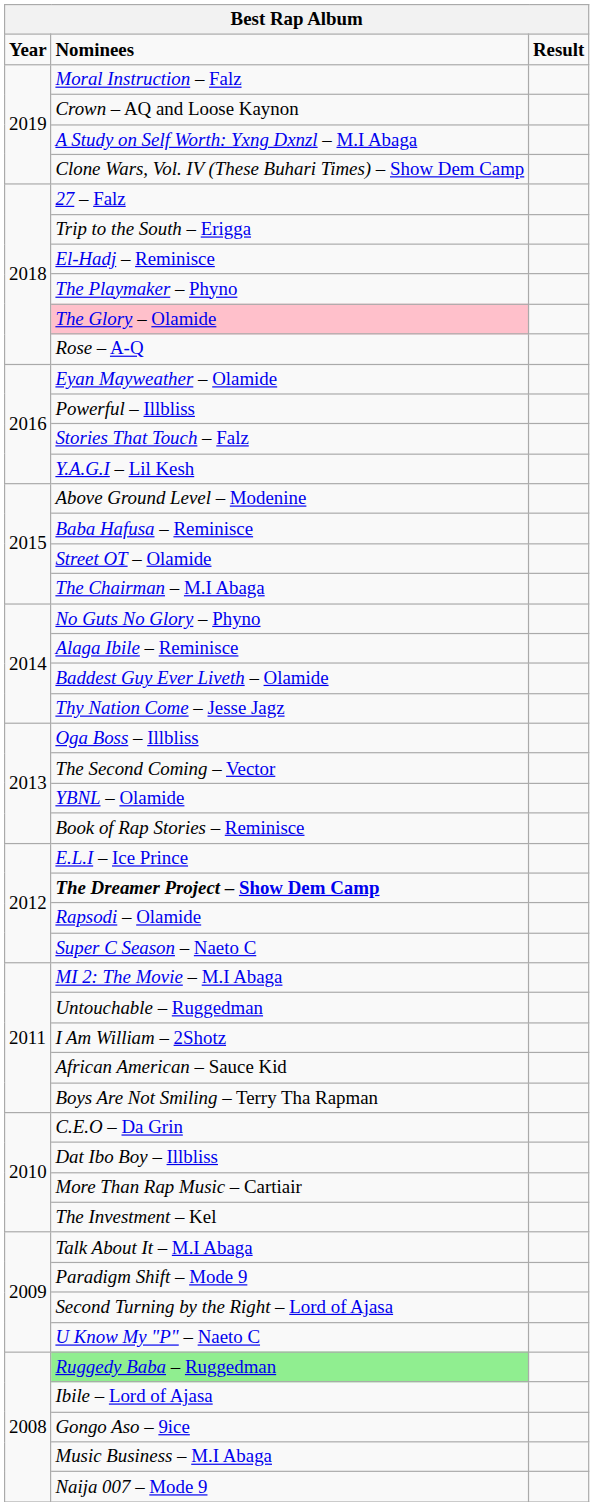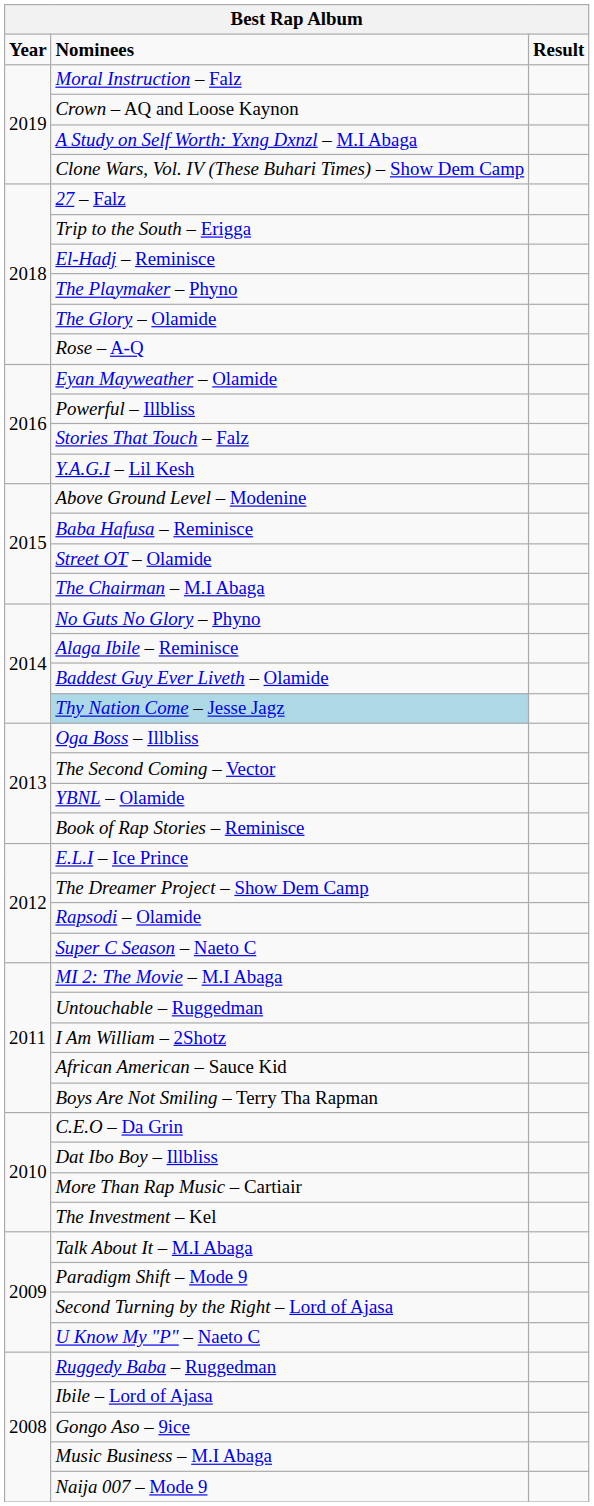 <table class="wikitable">
 <tr>
 <th colspan="3">Best Rap Album</th>
 </tr>
 <tr>
 <td><strong>Year</strong></td>
 <td><strong>Nominees</strong></td>
 <td><strong>Result</strong></td>
 </tr>
 <tr>
 <td rowspan="4">2019</td>
 <td><em><a href='#'>Moral Instruction</a></em> – <a href='#'>Falz</a></td>
 <td></td>
 </tr>
 <tr>
 <td><em>Crown</em> – AQ and Loose Kaynon</td>
 <td></td>
 </tr>
 <tr>
 <td><em><a href='#'>A Study on Self Worth: Yxng Dxnzl</a></em> – <a href='#'>M.I Abaga</a></td>
 <td></td>
 </tr>
 <tr>
 <td><em>Clone Wars, Vol. IV (These Buhari Times)</em> – <a href='#'>Show Dem Camp</a></td>
 <td></td>
 </tr>
 <tr>
 <td rowspan="6">2018</td>
 <td><em><a href='#'>27</a></em> – <a href='#'>Falz</a></td>
 <td></td>
 </tr>
 <tr>
 <td><em>Trip to the South</em> – <a href='#'>Erigga</a></td>
 <td></td>
 </tr>
 <tr>
 <td><em><a href='#'>El-Hadj</a></em> – <a href='#'>Reminisce</a></td>
 <td></td>
 </tr>
 <tr>
 <td><em><a href='#'>The Playmaker</a></em> – <a href='#'>Phyno</a></td>
 <td></td>
 </tr>
 <tr>
-<td style="background: pink;"><em><a href='#'>The Glory</a></em> – <a href='#'>Olamide</a></td>
+<td><em><a href='#'>The Glory</a></em> – <a href='#'>Olamide</a></td>
 <td></td>
 </tr>
 <tr>
 <td><em>Rose</em> – <a href='#'>A-Q</a></td>
 <td></td>
 </tr>
 <tr>
 <td rowspan="4">2016</td>
 <td><em><a href='#'>Eyan Mayweather</a></em> – <a href='#'>Olamide</a></td>
 <td></td>
 </tr>
 <tr>
 <td><em>Powerful</em> – <a href='#'>Illbliss</a></td>
 <td></td>
 </tr>
 <tr>
 <td><em><a href='#'>Stories That Touch</a></em> – <a href='#'>Falz</a></td>
 <td></td>
 </tr>
 <tr>
 <td><em><a href='#'>Y.A.G.I</a></em> – <a href='#'>Lil Kesh</a></td>
 <td></td>
 </tr>
 <tr>
 <td rowspan="4">2015</td>
 <td><em>Above Ground Level</em> – <a href='#'>Modenine</a></td>
 <td></td>
 </tr>
 <tr>
 <td><em><a href='#'>Baba Hafusa</a></em> – <a href='#'>Reminisce</a></td>
 <td></td>
 </tr>
 <tr>
 <td><em><a href='#'>Street OT</a></em> – <a href='#'>Olamide</a></td>
 <td></td>
 </tr>
 <tr>
 <td><em><a href='#'>The Chairman</a></em> – <a href='#'>M.I Abaga</a></td>
 <td></td>
 </tr>
 <tr>
 <td rowspan="4">2014</td>
 <td><em><a href='#'>No Guts No Glory</a></em> – <a href='#'>Phyno</a></td>
 <td></td>
 </tr>
 <tr>
 <td><em><a href='#'>Alaga Ibile</a></em> – <a href='#'>Reminisce</a></td>
 <td></td>
 </tr>
 <tr>
 <td><em><a href='#'>Baddest Guy Ever Liveth</a></em> – <a href='#'>Olamide</a></td>
 <td></td>
 </tr>
 <tr>
-<td><em><a href='#'>Thy Nation Come</a></em> – <a href='#'>Jesse Jagz</a></td>
+<td style="background: lightblue;"><em><a href='#'>Thy Nation Come</a></em> – <a href='#'>Jesse Jagz</a></td>
 <td></td>
 </tr>
 <tr>
 <td rowspan="4">2013</td>
 <td><em><a href='#'>Oga Boss</a></em> – <a href='#'>Illbliss</a></td>
 <td></td>
 </tr>
 <tr>
 <td><em>The Second Coming</em> – <a href='#'>Vector</a></td>
 <td></td>
 </tr>
 <tr>
 <td><em><a href='#'>YBNL</a></em> – <a href='#'>Olamide</a></td>
 <td></td>
 </tr>
 <tr>
 <td><em>Book of Rap Stories</em> – <a href='#'>Reminisce</a></td>
 <td></td>
 </tr>
 <tr>
 <td rowspan="4">2012</td>
 <td><em><a href='#'>E.L.I</a></em> – <a href='#'>Ice Prince</a></td>
 <td></td>
 </tr>
 <tr>
-<td><strong><em>The Dreamer Project</em> – <a href='#'>Show Dem Camp</a></strong></td>
+<td><em>The Dreamer Project</em> – <a href='#'>Show Dem Camp</a></td>
 <td></td>
 </tr>
 <tr>
 <td><em><a href='#'>Rapsodi</a></em> – <a href='#'>Olamide</a></td>
 <td></td>
 </tr>
 <tr>
 <td><em><a href='#'>Super C Season</a></em> – <a href='#'>Naeto C</a></td>
 <td></td>
 </tr>
 <tr>
 <td rowspan="5">2011</td>
 <td><em><a href='#'>MI 2: The Movie</a></em> – <a href='#'>M.I Abaga</a></td>
 <td></td>
 </tr>
 <tr>
 <td><em>Untouchable</em> – <a href='#'>Ruggedman</a></td>
 <td></td>
 </tr>
 <tr>
 <td><em>I Am William</em> – <a href='#'>2Shotz</a></td>
 <td></td>
 </tr>
 <tr>
 <td><em>African American</em> – Sauce Kid</td>
 <td></td>
 </tr>
 <tr>
 <td><em>Boys Are Not Smiling</em> – Terry Tha Rapman</td>
 <td></td>
 </tr>
 <tr>
 <td rowspan="4">2010</td>
 <td><em>C.E.O</em> – <a href='#'>Da Grin</a></td>
 <td></td>
 </tr>
 <tr>
 <td><em>Dat Ibo Boy</em> – <a href='#'>Illbliss</a></td>
 <td></td>
 </tr>
 <tr>
 <td><em>More Than Rap Music</em> – Cartiair</td>
 <td></td>
 </tr>
 <tr>
 <td><em>The Investment</em> – Kel</td>
 <td></td>
 </tr>
 <tr>
 <td rowspan="4">2009</td>
 <td><em>Talk About It</em> – <a href='#'>M.I Abaga</a></td>
 <td></td>
 </tr>
 <tr>
 <td><em>Paradigm Shift</em> – <a href='#'>Mode 9</a></td>
 <td></td>
 </tr>
 <tr>
 <td><em>Second Turning by the Right</em> – <a href='#'>Lord of Ajasa</a></td>
 <td></td>
 </tr>
 <tr>
 <td><em><a href='#'>U Know My "P"</a></em> – <a href='#'>Naeto C</a></td>
 <td></td>
 </tr>
 <tr>
 <td rowspan="5">2008</td>
-<td style="background: lightgreen;"><em><a href='#'>Ruggedy Baba</a></em> – <a href='#'>Ruggedman</a></td>
+<td><em><a href='#'>Ruggedy Baba</a></em> – <a href='#'>Ruggedman</a></td>
 <td></td>
 </tr>
 <tr>
 <td><em>Ibile</em> – <a href='#'>Lord of Ajasa</a></td>
 <td></td>
 </tr>
 <tr>
 <td><em>Gongo Aso</em> – <a href='#'>9ice</a></td>
 <td></td>
 </tr>
 <tr>
 <td><em>Music Business</em> – <a href='#'>M.I Abaga</a></td>
 <td></td>
 </tr>
 <tr>
 <td><em>Naija 007</em> – <a href='#'>Mode 9</a></td>
 <td></td>
 </tr>
 </table>
